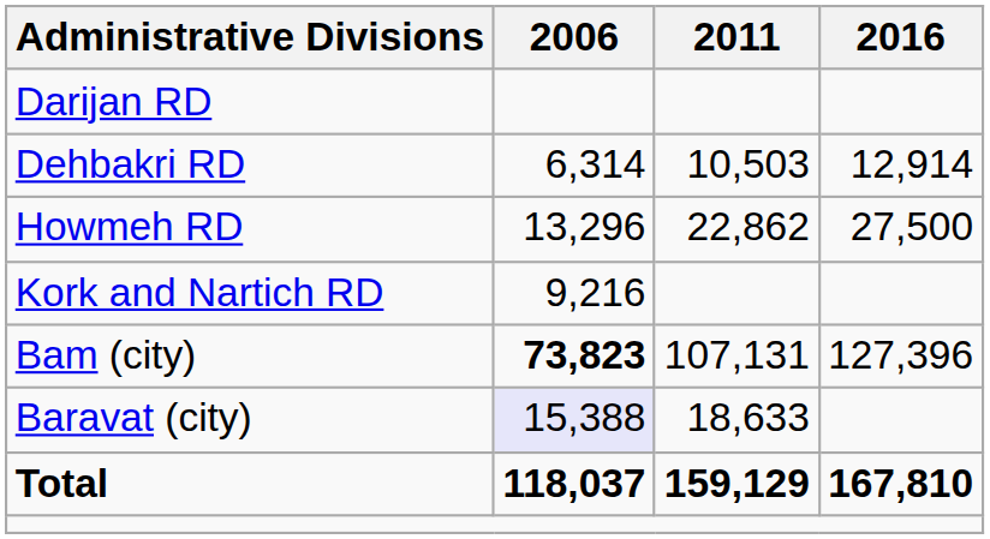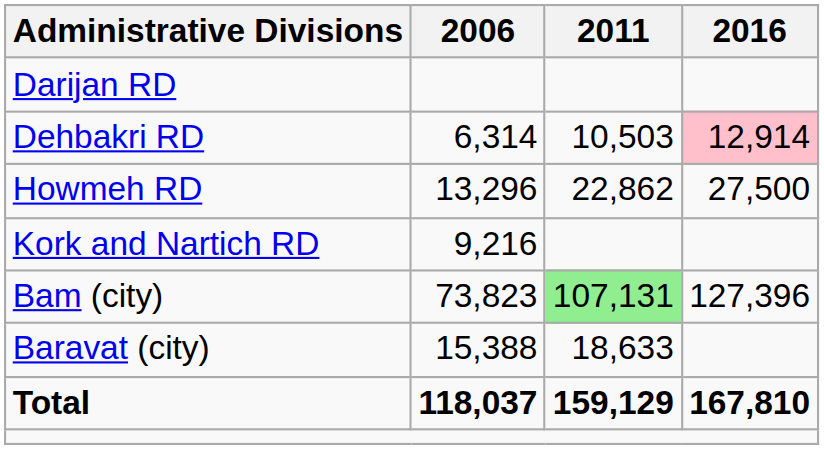 <table class="wikitable">
 <tr>
 <th>Administrative Divisions</th>
 <th>2006</th>
 <th>2011</th>
 <th>2016</th>
 </tr>
 <tr>
 <td><a href='#'>Darijan RD</a></td>
 <td style="text-align: right;"></td>
 <td style="text-align: right;"></td>
 <td style="text-align: right;"></td>
 </tr>
 <tr>
 <td><a href='#'>Dehbakri RD</a></td>
 <td style="text-align: right;">6,314</td>
 <td style="text-align: right;">10,503</td>
-<td style="text-align: right;">12,914</td>
+<td style="background: pink; text-align: right;">12,914</td>
 </tr>
 <tr>
 <td><a href='#'>Howmeh RD</a></td>
 <td style="text-align: right;">13,296</td>
 <td style="text-align: right;">22,862</td>
 <td style="text-align: right;">27,500</td>
 </tr>
 <tr>
 <td><a href='#'>Kork and Nartich RD</a></td>
 <td style="text-align: right;">9,216</td>
 <td style="text-align: right;"></td>
 <td style="text-align: right;"></td>
 </tr>
 <tr>
 <td><a href='#'>Bam</a> (city)</td>
-<td style="text-align: right;"><strong>73,823</strong></td>
-<td style="text-align: right;">107,131</td>
+<td style="text-align: right;">73,823</td>
+<td style="background: lightgreen; text-align: right;">107,131</td>
 <td style="text-align: right;">127,396</td>
 </tr>
 <tr>
 <td><a href='#'>Baravat</a> (city)</td>
-<td style="background: lavender; text-align: right;">15,388</td>
+<td style="text-align: right;">15,388</td>
 <td style="text-align: right;">18,633</td>
 <td style="text-align: right;"></td>
 </tr>
 <tr>
 <td><strong>Total</strong></td>
 <td style="text-align: right;"><strong>118,037</strong></td>
 <td style="text-align: right;"><strong>159,129</strong></td>
 <td style="text-align: right;"><strong>167,810</strong></td>
 </tr>
 <tr>
 <td colspan=4></td>
 </tr>
 </table>
